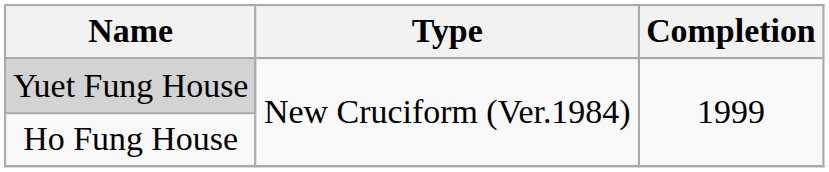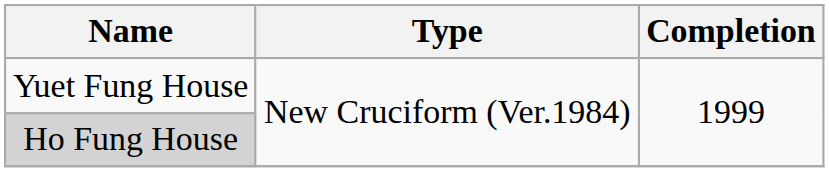 <table class="wikitable" style="text-align: center">
 <tr>
 <th>Name</th>
 <th>Type</th>
 <th>Completion</th>
 </tr>
 <tr>
-<td style="background: lightgrey;">Yuet Fung House</td>
+<td>Yuet Fung House</td>
 <td rowspan="2">New Cruciform (Ver.1984)</td>
 <td rowspan="2">1999</td>
 </tr>
 <tr>
-<td>Ho Fung House</td>
+<td style="background: lightgrey;">Ho Fung House</td>
 </tr>
 <tr>
 </tr>
 </table>
